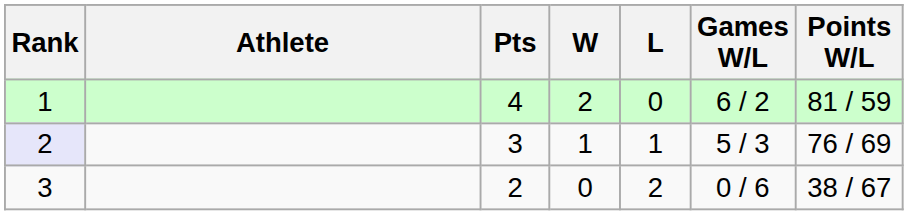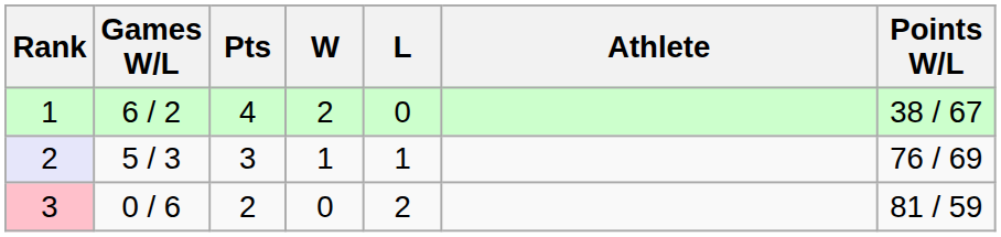 <table class="wikitable" style="text-align: center; font-size:90% ">
 <tr>
 <th width="20">Rank</th>
-<th width="200">Athlete</th>
+<th width="40">Games<br>W/L</th>
 <th width="30">Pts</th>
 <th width="30">W</th>
 <th width="30">L</th>
-<th width="40">Games<br>W/L</th>
+<th width="200">Athlete</th>
 <th width="50">Points<br>W/L</th>
 </tr>
 <tr bgcolor=#ccffcc>
 <td>1</td>
-<td align=left></td>
+<td>6 / 2</td>
 <td>4</td>
 <td>2</td>
 <td>0</td>
-<td>6 / 2</td>
-<td>81 / 59</td>
+<td align=left></td>
+<td>38 / 67</td>
 </tr>
 <tr>
 <td style="background: lavender;">2</td>
-<td align=left></td>
+<td>5 / 3</td>
 <td>3</td>
 <td>1</td>
 <td>1</td>
-<td>5 / 3</td>
+<td align=left></td>
 <td>76 / 69</td>
 </tr>
 <tr>
-<td>3</td>
-<td align=left></td>
+<td style="background: pink;">3</td>
+<td>0 / 6</td>
 <td>2</td>
 <td>0</td>
 <td>2</td>
-<td>0 / 6</td>
-<td>38 / 67</td>
+<td align=left></td>
+<td>81 / 59</td>
 </tr>
 </table>
